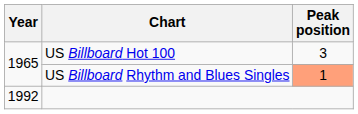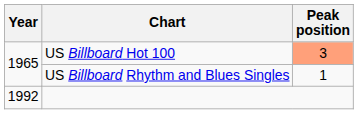 <table class="wikitable sortable" border="1">
 <tr>
 <th>Year</th>
 <th>Chart</th>
 <th>Peak<br>position</th>
 </tr>
 <tr>
 <td align=center rowspan=3>1965</td>
 <td>US <a href='#'><em>Billboard</em> Hot 100</a></td>
-<td align=center>3</td>
+<td align=center style="background: lightsalmon;">3</td>
 </tr>
 <tr>
 <td>US <em><a href='#'>Billboard</a></em> <a href='#'>Rhythm and Blues Singles</a></td>
-<td align=center style="background: lightsalmon;">1</td>
+<td align=center>1</td>
 </tr>
 <tr>
 </tr>
 <tr>
 <td align=center>1992<br></td>
 </tr>
 </table>
